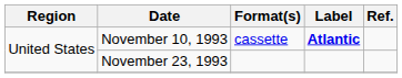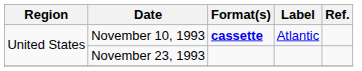 <table class="wikitable">
 <tr>
 <th>Region</th>
 <th>Date</th>
 <th>Format(s)</th>
 <th>Label</th>
 <th>Ref.</th>
 </tr>
 <tr>
 <td rowspan="2">United States</td>
 <td>November 10, 1993</td>
-<td><a href='#'>cassette</a></td>
-<td><strong><a href='#'>Atlantic</a></strong></td>
+<td><strong><a href='#'>cassette</a></strong></td>
+<td><a href='#'>Atlantic</a></td>
 <td></td>
 </tr>
 <tr>
 <td>November 23, 1993</td>
 <td></td>
 <td></td>
 <td></td>
 </tr>
 <tr>
 </tr>
 </table>
